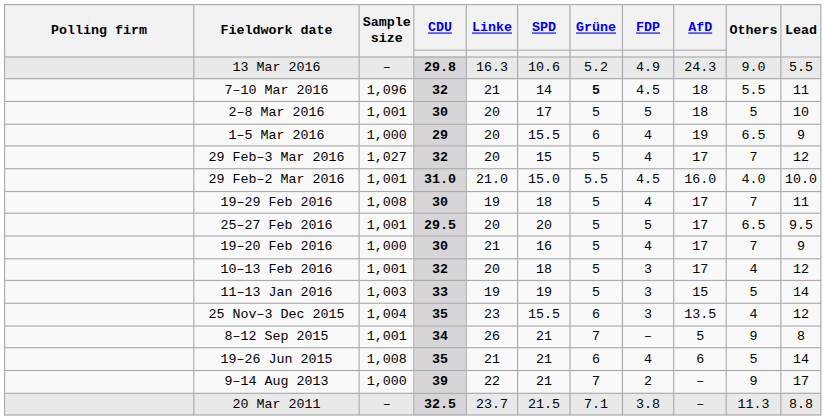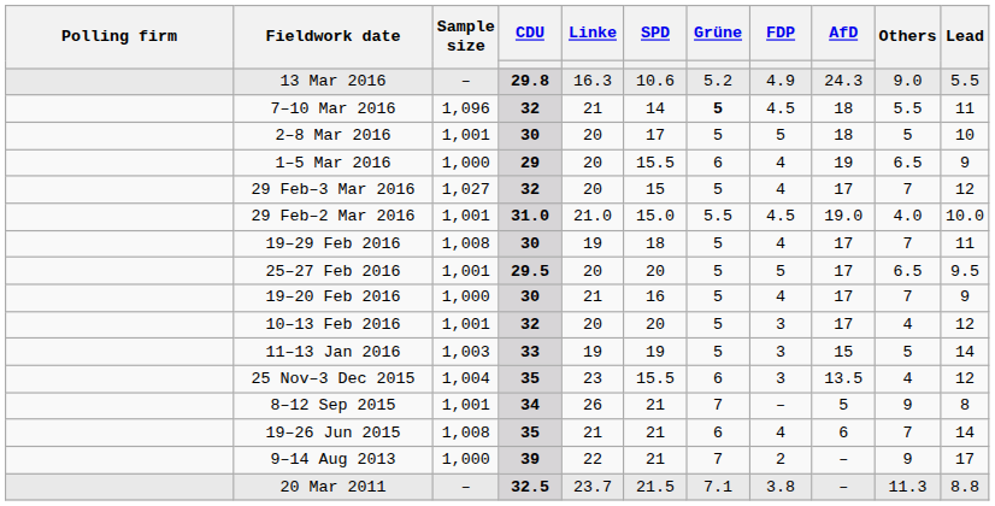 <table class="wikitable sortable" style="text-align:center;font-size:90%;line-height:14px;">
 <tr style="height:40px;">
 <th style="width:160px;" rowspan="2">Polling firm</th>
 <th style="width:140px;" rowspan="2">Fieldwork date</th>
 <th style="width:35px;" rowspan="2">Sample<br>size</th>
 <th class="unsortable" style="width:40px;"><a href='#'>CDU</a></th>
 <th class="unsortable" style="width:40px;"><a href='#'>Linke</a></th>
 <th class="unsortable" style="width:40px;"><a href='#'>SPD</a></th>
 <th class="unsortable" style="width:40px;"><a href='#'>Grüne</a></th>
 <th class="unsortable" style="width:40px;"><a href='#'>FDP</a></th>
 <th class="unsortable" style="width:40px;"><a href='#'>AfD</a></th>
 <th class="unsortable" style="width:40px;" rowspan="2">Others</th>
 <th style="width:30px;" rowspan="2">Lead</th>
 </tr>
 <tr>
 <th style="background:"></th>
 <th style="background:"></th>
 <th style="background:"></th>
 <th style="background:"></th>
 <th style="background:"></th>
 <th style="background:"></th>
 </tr>
 <tr style="background:#E9E9E9;">
 <td></td>
 <td data-sort-value="2016-03-13">13 Mar 2016</td>
 <td>–</td>
 <td style="background:#D7D5D7;"><strong>29.8</strong></td>
 <td>16.3</td>
 <td>10.6</td>
 <td>5.2</td>
 <td>4.9</td>
 <td>24.3</td>
 <td>9.0</td>
 <td style="background:">5.5</td>
 </tr>
 <tr>
 <td></td>
 <td data-sort-value="2016-03-10">7–10 Mar 2016</td>
 <td>1,096</td>
 <td style="background:#D7D5D7;"><strong>32</strong></td>
 <td>21</td>
 <td>14</td>
 <td><strong>5</strong></td>
 <td>4.5</td>
 <td>18</td>
 <td>5.5</td>
 <td style="background:">11</td>
 </tr>
 <tr>
 <td></td>
 <td data-sort-value="2016-03-09">2–8 Mar 2016</td>
 <td>1,001</td>
 <td style="background:#D7D5D7;"><strong>30</strong></td>
 <td>20</td>
 <td>17</td>
 <td>5</td>
 <td>5</td>
 <td>18</td>
 <td>5</td>
 <td style="background:">10</td>
 </tr>
 <tr>
 <td></td>
 <td data-sort-value="2016-03-07">1–5 Mar 2016</td>
 <td>1,000</td>
 <td style="background:#D7D5D7;"><strong>29</strong></td>
 <td>20</td>
 <td>15.5</td>
 <td>6</td>
 <td>4</td>
 <td>19</td>
 <td>6.5</td>
 <td style="background:">9</td>
 </tr>
 <tr>
 <td></td>
 <td data-sort-value="2016-03-04">29 Feb–3 Mar 2016</td>
 <td>1,027</td>
 <td style="background:#D7D5D7;"><strong>32</strong></td>
 <td>20</td>
 <td>15</td>
 <td>5</td>
 <td>4</td>
 <td>17</td>
 <td>7</td>
 <td style="background:">12</td>
 </tr>
 <tr>
 <td></td>
 <td data-sort-value="2016-03-03">29 Feb–2 Mar 2016</td>
 <td>1,001</td>
 <td style="background:#D7D5D7;"><strong>31.0</strong></td>
 <td>21.0</td>
 <td>15.0</td>
 <td>5.5</td>
 <td>4.5</td>
-<td>16.0</td>
+<td>19.0</td>
 <td>4.0</td>
 <td style="background:">10.0</td>
 </tr>
 <tr>
 <td></td>
 <td data-sort-value="2016-03-05">19–29 Feb 2016</td>
 <td>1,008</td>
 <td style="background:#D7D5D7;"><strong>30</strong></td>
 <td>19</td>
 <td>18</td>
 <td>5</td>
 <td>4</td>
 <td>17</td>
 <td>7</td>
 <td style="background:">11</td>
 </tr>
 <tr>
 <td></td>
 <td data-sort-value="2016-02-28">25–27 Feb 2016</td>
 <td>1,001</td>
 <td style="background:#D7D5D7;"><strong>29.5</strong></td>
 <td>20</td>
 <td>20</td>
 <td>5</td>
 <td>5</td>
 <td>17</td>
 <td>6.5</td>
 <td style="background:">9.5</td>
 </tr>
 <tr>
 <td></td>
 <td data-sort-value="2016-02-22">19–20 Feb 2016</td>
 <td>1,000</td>
 <td style="background:#D7D5D7;"><strong>30</strong></td>
 <td>21</td>
 <td>16</td>
 <td>5</td>
 <td>4</td>
 <td>17</td>
 <td>7</td>
 <td style="background:">9</td>
 </tr>
 <tr>
 <td></td>
 <td data-sort-value="2016-02-17">10–13 Feb 2016</td>
 <td>1,001</td>
 <td style="background:#D7D5D7;"><strong>32</strong></td>
 <td>20</td>
-<td>18</td>
+<td>20</td>
 <td>5</td>
 <td>3</td>
 <td>17</td>
 <td>4</td>
 <td style="background:">12</td>
 </tr>
 <tr>
 <td></td>
 <td data-sort-value="2016-01-14">11–13 Jan 2016</td>
 <td>1,003</td>
 <td style="background:#D7D5D7;"><strong>33</strong></td>
 <td>19</td>
 <td>19</td>
 <td>5</td>
 <td>3</td>
 <td>15</td>
 <td>5</td>
 <td style="background:">14</td>
 </tr>
 <tr>
 <td></td>
 <td data-sort-value="2015-12-05">25 Nov–3 Dec 2015</td>
 <td>1,004</td>
 <td style="background:#D7D5D7;"><strong>35</strong></td>
 <td>23</td>
 <td>15.5</td>
 <td>6</td>
 <td>3</td>
 <td>13.5</td>
 <td>4</td>
 <td style="background:">12</td>
 </tr>
 <tr>
 <td></td>
 <td data-sort-value="2015-09-14">8–12 Sep 2015</td>
 <td>1,001</td>
 <td style="background:#D7D5D7;"><strong>34</strong></td>
 <td>26</td>
 <td>21</td>
 <td>7</td>
 <td>–</td>
 <td>5</td>
 <td>9</td>
 <td style="background:">8</td>
 </tr>
 <tr>
 <td></td>
 <td data-sort-value="2015-07-01">19–26 Jun 2015</td>
 <td>1,008</td>
 <td style="background:#D7D5D7;"><strong>35</strong></td>
 <td>21</td>
 <td>21</td>
 <td>6</td>
 <td>4</td>
 <td>6</td>
-<td>5</td>
+<td>7</td>
 <td style="background:">14</td>
 </tr>
 <tr>
 <td></td>
 <td data-sort-value="2013-08-20">9–14 Aug 2013</td>
 <td>1,000</td>
 <td style="background:#D7D5D7;"><strong>39</strong></td>
 <td>22</td>
 <td>21</td>
 <td>7</td>
 <td>2</td>
 <td>–</td>
 <td>9</td>
 <td style="background:">17</td>
 </tr>
 <tr style="background:#E9E9E9;">
 <td></td>
 <td data-sort-value="2011-03-20">20 Mar 2011</td>
 <td>–</td>
 <td style="background:#D7D5D7;"><strong>32.5</strong></td>
 <td>23.7</td>
 <td>21.5</td>
 <td>7.1</td>
 <td>3.8</td>
 <td>–</td>
 <td>11.3</td>
 <td style="background:">8.8</td>
 </tr>
 </table>
